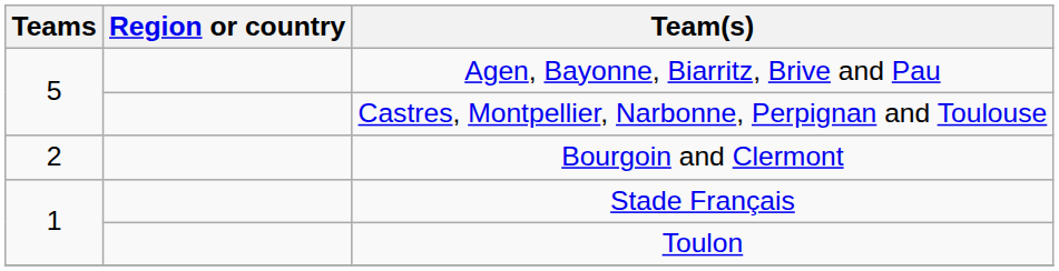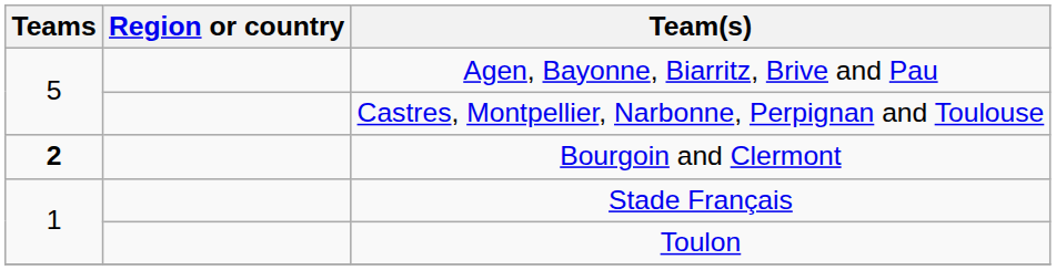 <table class="wikitable" style="text-align:center">
 <tr>
 <th>Teams</th>
 <th><a href='#'>Region</a> or country</th>
 <th>Team(s)</th>
 </tr>
 <tr>
 <td rowspan="2">5</td>
 <td align="left"></td>
 <td><a href='#'>Agen</a>, <a href='#'>Bayonne</a>, <a href='#'>Biarritz</a>, <a href='#'>Brive</a> and <a href='#'>Pau</a></td>
 </tr>
 <tr>
 <td align="left"></td>
 <td><a href='#'>Castres</a>, <a href='#'>Montpellier</a>, <a href='#'>Narbonne</a>, <a href='#'>Perpignan</a> and <a href='#'>Toulouse</a></td>
 </tr>
 <tr>
-<td>2</td>
+<td><strong>2</strong></td>
 <td align="left"></td>
 <td><a href='#'>Bourgoin</a> and <a href='#'>Clermont</a></td>
 </tr>
 <tr>
 <td rowspan="2">1</td>
 <td align="left"></td>
 <td><a href='#'>Stade Français</a></td>
 </tr>
 <tr>
 <td align="left"></td>
 <td><a href='#'>Toulon</a></td>
 </tr>
 <tr>
 </tr>
 </table>
